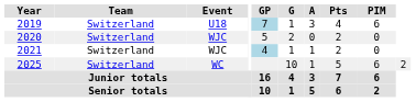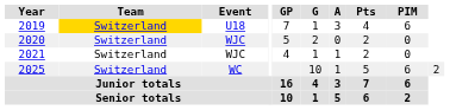 <table border="0" cellpadding="1" cellspacing="0" ID="Table3" style="text-align:center; width:40em">
 <tr bgcolor="#e0e0e0">
 <th>Year</th>
 <th>Team</th>
 <th>Event</th>
 <th rowspan="102" bgcolor="#ffffff"></th>
 <th>GP</th>
 <th>G</th>
 <th>A</th>
 <th>Pts</th>
 <th>PIM</th>
 </tr>
 <tr>
 <td><a href='#'>2019</a></td>
-<td><a href='#'>Switzerland</a></td>
+<td style="background: gold;"><a href='#'>Switzerland</a></td>
 <td><a href='#'>U18</a></td>
-<td style="background: lightblue;">7</td>
+<td>7</td>
 <td>1</td>
 <td>3</td>
 <td>4</td>
 <td>6</td>
 </tr>
 <tr bgcolor="#f0f0f0">
 <td><a href='#'>2020</a></td>
 <td><a href='#'>Switzerland</a></td>
 <td><a href='#'>WJC</a></td>
 <td>5</td>
 <td>2</td>
 <td>0</td>
 <td>2</td>
 <td>0</td>
 </tr>
 <tr>
 <td><a href='#'>2021</a></td>
 <td>Switzerland</td>
 <td>WJC</td>
-<td style="background: lightblue;">4</td>
+<td>4</td>
 <td>1</td>
 <td>1</td>
 <td>2</td>
 <td>0</td>
 </tr>
 <tr bgcolor="#f0f0f0">
 <td><a href='#'>2025</a></td>
 <td><a href='#'>Switzerland</a></td>
 <td><a href='#'>WC</a></td>
 <td></td>
 <td>10</td>
 <td>1</td>
 <td>5</td>
 <td>6</td>
 <td>2</td>
 </tr>
 <tr bgcolor="#e0e0e0">
 <th colspan="4">Junior totals</th>
 <th>16</th>
 <th>4</th>
 <th>3</th>
 <th>7</th>
 <th>6</th>
 </tr>
 <tr bgcolor="#e0e0e0">
 <th colspan="4">Senior totals</th>
 <th>10</th>
 <th>1</th>
 <th>5</th>
 <th>6</th>
 <th>2</th>
 </tr>
 </table>
